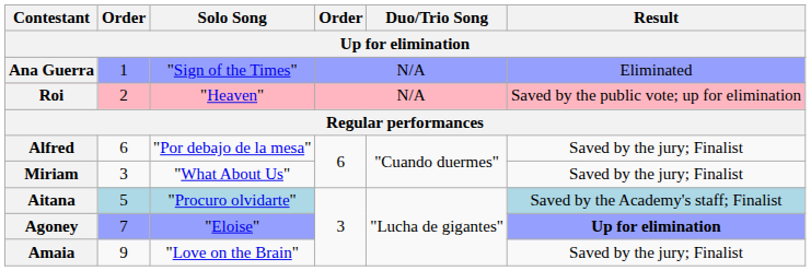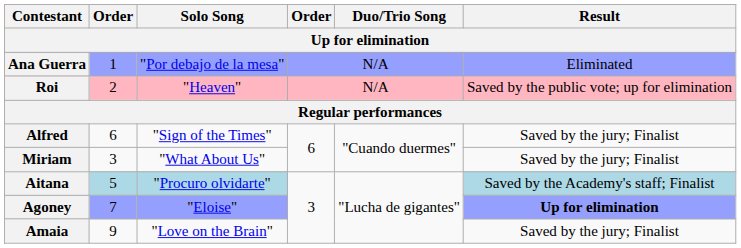 <table class="wikitable plainrowheaders" style="text-align:center;">
 <tr>
 <th scope="col">Contestant</th>
 <th scope="col">Order</th>
 <th scope="col">Solo Song</th>
 <th scope="col">Order</th>
 <th scope="col">Duo/Trio Song</th>
 <th scope="col">Result</th>
 </tr>
 <tr>
 <th colspan="6">Up for elimination</th>
 </tr>
 <tr style="background:#959ffd;">
 <th scope="row">Ana Guerra</th>
 <td>1</td>
-<td>"<a href='#'>Sign of the Times</a>"</td>
+<td>"<a href='#'>Por debajo de la mesa</a>"</td>
 <td colspan="2">N/A</td>
 <td>Eliminated</td>
 </tr>
 <tr style="background:lightpink">
 <th scope="row">Roi</th>
 <td>2</td>
 <td>"<a href='#'>Heaven</a>"</td>
 <td colspan="2">N/A</td>
 <td>Saved by the public vote; up for elimination</td>
 </tr>
 <tr>
 <th colspan="6">Regular performances</th>
 </tr>
 <tr>
 <th scope="row">Alfred</th>
 <td>6</td>
-<td>"<a href='#'>Por debajo de la mesa</a>"</td>
+<td>"<a href='#'>Sign of the Times</a>"</td>
 <td rowspan="2">6</td>
 <td rowspan="2">"Cuando duermes"</td>
 <td>Saved by the jury; Finalist</td>
 </tr>
 <tr>
 <th scope="row">Miriam</th>
 <td>3</td>
 <td>"<a href='#'>What About Us</a>"</td>
 <td>Saved by the jury; Finalist</td>
 </tr>
 <tr>
 <th scope="row">Aitana</th>
 <td style="background:lightblue">5</td>
 <td style="background:lightblue">"<a href='#'>Procuro olvidarte</a>"</td>
 <td rowspan="3">3</td>
 <td rowspan="3">"Lucha de gigantes"</td>
 <td style="background:lightblue">Saved by the Academy's staff; Finalist</td>
 </tr>
 <tr style="background:#959ffd;">
 <th scope="row">Agoney</th>
 <td>7</td>
 <td>"<a href='#'>Eloise</a>"</td>
 <td><strong>Up for elimination</strong></td>
 </tr>
 <tr>
 <th scope="row">Amaia</th>
 <td>9</td>
 <td>"<a href='#'>Love on the Brain</a>"</td>
 <td>Saved by the jury; Finalist</td>
 </tr>
 </table>
